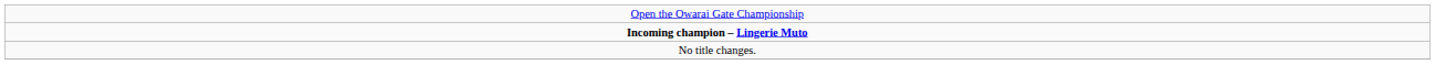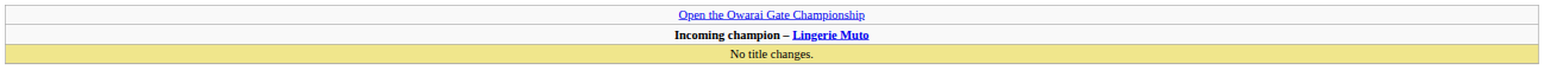 <table class="wikitable" style="text-align:center; width:100%;">
 <tr>
 <td colspan="4" style="text-align: center;"><a href='#'>Open the Owarai Gate Championship</a></td>
 </tr>
 <tr>
 <td colspan="4" style="text-align: center;"><strong>Incoming champion – <a href='#'>Lingerie Muto</a></strong></td>
 </tr>
 <tr>
-<td>No title changes.</td>
+<td style="background: khaki;">No title changes.</td>
 </tr>
 <tr>
 </tr>
 </table>
